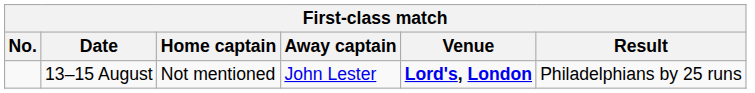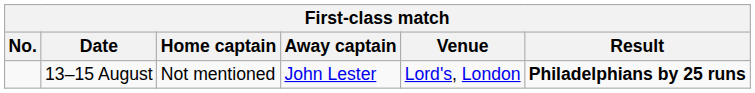 <table class="wikitable">
 <tr>
 <th colspan="9">First-class match</th>
 </tr>
 <tr>
 <th>No.</th>
 <th>Date</th>
 <th>Home captain</th>
 <th>Away captain</th>
 <th>Venue</th>
 <th>Result</th>
 </tr>
 <tr>
 <td></td>
 <td>13–15 August</td>
 <td>Not mentioned</td>
 <td><a href='#'>John Lester</a></td>
-<td><strong><a href='#'>Lord's</a>, <a href='#'>London</a></strong></td>
-<td> Philadelphians by 25 runs</td>
+<td><a href='#'>Lord's</a>, <a href='#'>London</a></td>
+<td><strong> Philadelphians by 25 runs</strong></td>
 </tr>
 </table>
